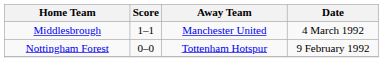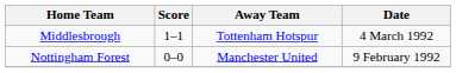 <table class="wikitable" style="text-align:center;">
 <tr>
 <th width=175>Home Team</th>
 <th width=20>Score</th>
 <th width=175>Away Team</th>
 <th width= 125>Date</th>
 </tr>
 <tr>
 <td><a href='#'>Middlesbrough</a></td>
 <td>1–1</td>
-<td><a href='#'>Manchester United</a></td>
+<td><a href='#'>Tottenham Hotspur</a></td>
 <td>4 March 1992</td>
 </tr>
 <tr>
 <td><a href='#'>Nottingham Forest</a></td>
 <td>0–0</td>
-<td><a href='#'>Tottenham Hotspur</a></td>
+<td><a href='#'>Manchester United</a></td>
 <td>9 February 1992</td>
 </tr>
 <tr>
 </tr>
 </table>
